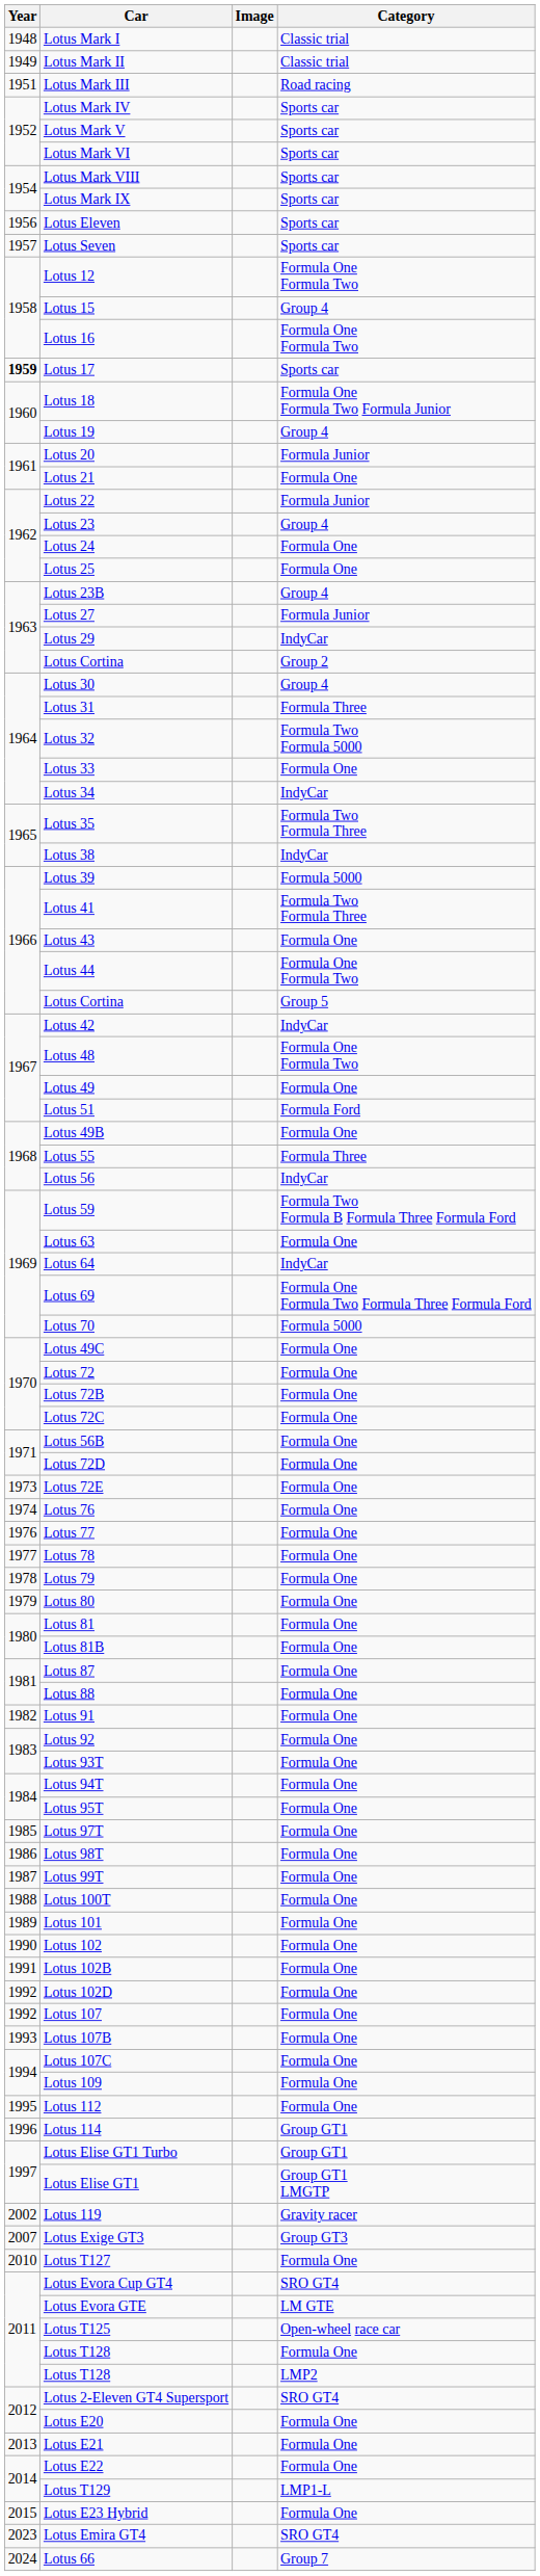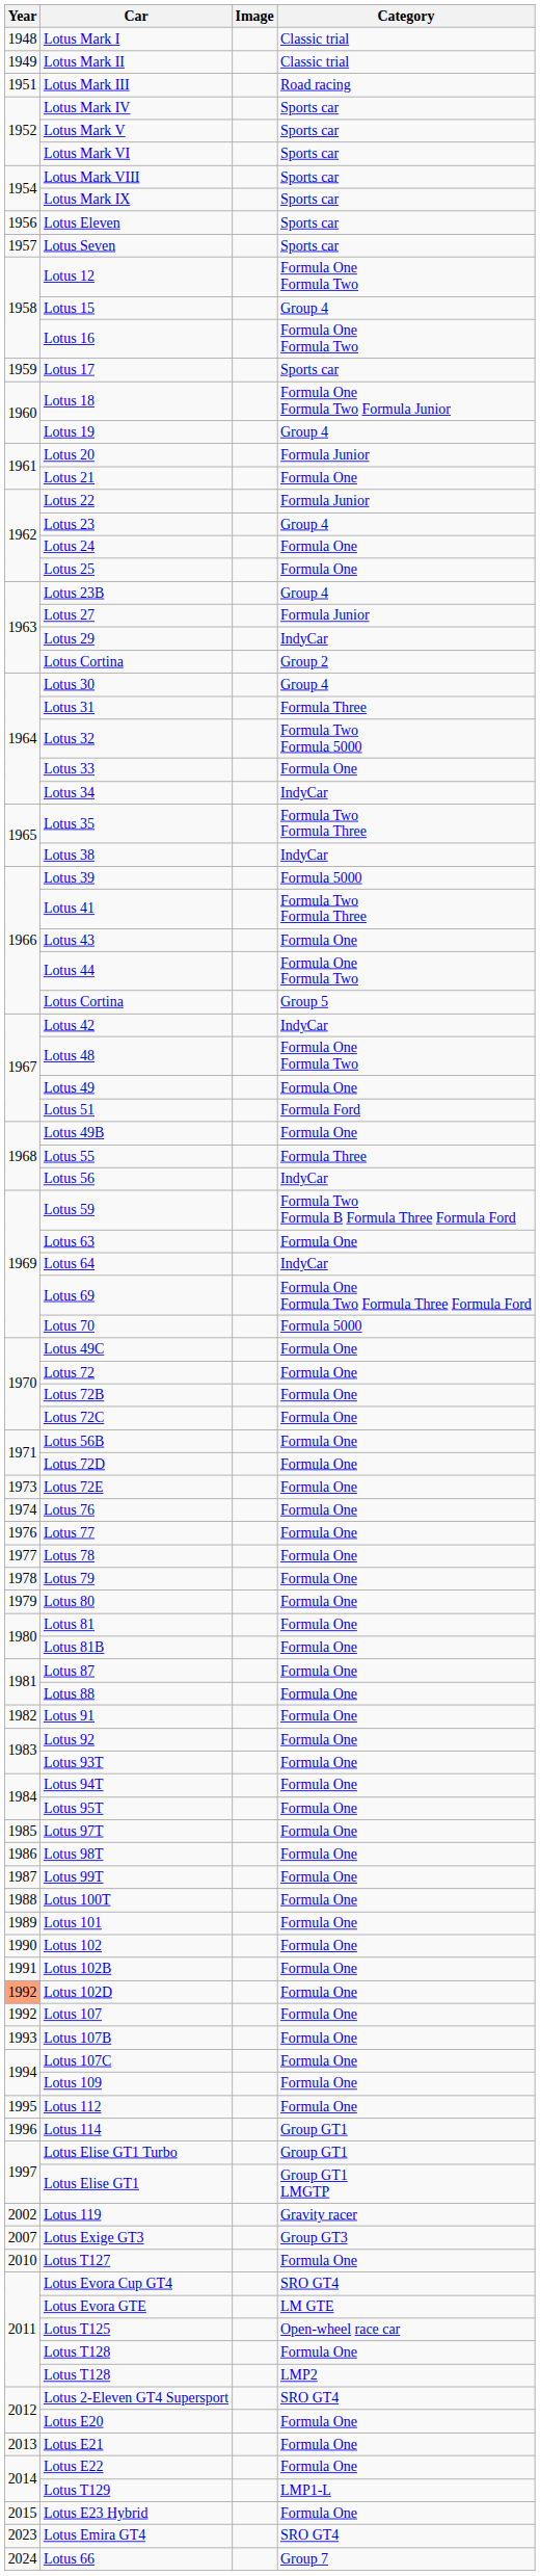 <table class="wikitable">
 <tr>
 <th>Year</th>
 <th>Car</th>
 <th>Image</th>
 <th>Category</th>
 </tr>
 <tr>
 <td>1948</td>
 <td><a href='#'>Lotus Mark I</a></td>
 <td></td>
 <td><a href='#'>Classic trial</a></td>
 </tr>
 <tr>
 <td>1949</td>
 <td><a href='#'>Lotus Mark II</a></td>
 <td></td>
 <td><a href='#'>Classic trial</a></td>
 </tr>
 <tr>
 <td>1951</td>
 <td><a href='#'>Lotus Mark III</a></td>
 <td></td>
 <td><a href='#'>Road racing</a></td>
 </tr>
 <tr>
 <td rowspan="3">1952</td>
 <td><a href='#'>Lotus Mark IV</a></td>
 <td></td>
 <td><a href='#'>Sports car</a></td>
 </tr>
 <tr>
 <td><a href='#'>Lotus Mark V</a></td>
 <td></td>
 <td><a href='#'>Sports car</a></td>
 </tr>
 <tr>
 <td><a href='#'>Lotus Mark VI</a></td>
 <td></td>
 <td><a href='#'>Sports car</a></td>
 </tr>
 <tr>
 <td rowspan="2">1954</td>
 <td><a href='#'>Lotus Mark VIII</a></td>
 <td></td>
 <td><a href='#'>Sports car</a></td>
 </tr>
 <tr>
 <td><a href='#'>Lotus Mark IX</a></td>
 <td></td>
 <td><a href='#'>Sports car</a></td>
 </tr>
 <tr>
 <td>1956</td>
 <td><a href='#'>Lotus Eleven</a></td>
 <td></td>
 <td><a href='#'>Sports car</a></td>
 </tr>
 <tr>
 <td>1957</td>
 <td><a href='#'>Lotus Seven</a></td>
 <td></td>
 <td><a href='#'>Sports car</a></td>
 </tr>
 <tr>
 <td rowspan="3">1958</td>
 <td><a href='#'>Lotus 12</a></td>
 <td></td>
 <td><a href='#'>Formula One</a><br><a href='#'>Formula Two</a></td>
 </tr>
 <tr>
 <td><a href='#'>Lotus 15</a></td>
 <td></td>
 <td><a href='#'>Group 4</a></td>
 </tr>
 <tr>
 <td><a href='#'>Lotus 16</a></td>
 <td></td>
 <td><a href='#'>Formula One</a><br><a href='#'>Formula Two</a></td>
 </tr>
 <tr>
-<td><strong>1959</strong></td>
+<td>1959</td>
 <td><a href='#'>Lotus 17</a></td>
 <td></td>
 <td><a href='#'>Sports car</a></td>
 </tr>
 <tr>
 <td rowspan="2">1960</td>
 <td><a href='#'>Lotus 18</a></td>
 <td></td>
 <td><a href='#'>Formula One</a><br><a href='#'>Formula Two</a> <a href='#'>Formula Junior</a></td>
 </tr>
 <tr>
 <td><a href='#'>Lotus 19</a></td>
 <td></td>
 <td><a href='#'>Group 4</a></td>
 </tr>
 <tr>
 <td rowspan="2">1961</td>
 <td><a href='#'>Lotus 20</a></td>
 <td></td>
 <td><a href='#'>Formula Junior</a></td>
 </tr>
 <tr>
 <td><a href='#'>Lotus 21</a></td>
 <td></td>
 <td><a href='#'>Formula One</a></td>
 </tr>
 <tr>
 <td rowspan="4">1962</td>
 <td><a href='#'>Lotus 22</a></td>
 <td></td>
 <td><a href='#'>Formula Junior</a></td>
 </tr>
 <tr>
 <td><a href='#'>Lotus 23</a></td>
 <td></td>
 <td><a href='#'>Group 4</a></td>
 </tr>
 <tr>
 <td><a href='#'>Lotus 24</a></td>
 <td></td>
 <td><a href='#'>Formula One</a></td>
 </tr>
 <tr>
 <td><a href='#'>Lotus 25</a></td>
 <td></td>
 <td><a href='#'>Formula One</a></td>
 </tr>
 <tr>
 <td rowspan="4">1963</td>
 <td><a href='#'>Lotus 23B</a></td>
 <td></td>
 <td><a href='#'>Group 4</a></td>
 </tr>
 <tr>
 <td><a href='#'>Lotus 27</a></td>
 <td></td>
 <td><a href='#'>Formula Junior</a></td>
 </tr>
 <tr>
 <td><a href='#'>Lotus 29</a></td>
 <td></td>
 <td><a href='#'>IndyCar</a></td>
 </tr>
 <tr>
 <td><a href='#'>Lotus Cortina</a></td>
 <td></td>
 <td><a href='#'>Group 2</a></td>
 </tr>
 <tr>
 <td rowspan="5">1964</td>
 <td><a href='#'>Lotus 30</a></td>
 <td></td>
 <td><a href='#'>Group 4</a></td>
 </tr>
 <tr>
 <td><a href='#'>Lotus 31</a></td>
 <td></td>
 <td><a href='#'>Formula Three</a></td>
 </tr>
 <tr>
 <td><a href='#'>Lotus 32</a></td>
 <td></td>
 <td><a href='#'>Formula Two</a><br><a href='#'>Formula 5000</a></td>
 </tr>
 <tr>
 <td><a href='#'>Lotus 33</a></td>
 <td></td>
 <td><a href='#'>Formula One</a></td>
 </tr>
 <tr>
 <td><a href='#'>Lotus 34</a></td>
 <td></td>
 <td><a href='#'>IndyCar</a></td>
 </tr>
 <tr>
 <td rowspan="2">1965</td>
 <td><a href='#'>Lotus 35</a></td>
 <td></td>
 <td><a href='#'>Formula Two</a><br><a href='#'>Formula Three</a></td>
 </tr>
 <tr>
 <td><a href='#'>Lotus 38</a></td>
 <td></td>
 <td><a href='#'>IndyCar</a></td>
 </tr>
 <tr>
 <td rowspan="5">1966</td>
 <td><a href='#'>Lotus 39</a></td>
 <td></td>
 <td><a href='#'>Formula 5000</a></td>
 </tr>
 <tr>
 <td><a href='#'>Lotus 41</a></td>
 <td></td>
 <td><a href='#'>Formula Two</a><br><a href='#'>Formula Three</a></td>
 </tr>
 <tr>
 <td><a href='#'>Lotus 43</a></td>
 <td></td>
 <td><a href='#'>Formula One</a></td>
 </tr>
 <tr>
 <td><a href='#'>Lotus 44</a></td>
 <td></td>
 <td><a href='#'>Formula One</a><br><a href='#'>Formula Two</a></td>
 </tr>
 <tr>
 <td><a href='#'>Lotus Cortina</a></td>
 <td></td>
 <td><a href='#'>Group 5</a></td>
 </tr>
 <tr>
 <td rowspan="4">1967</td>
 <td><a href='#'>Lotus 42</a></td>
 <td></td>
 <td><a href='#'>IndyCar</a></td>
 </tr>
 <tr>
 <td><a href='#'>Lotus 48</a></td>
 <td></td>
 <td><a href='#'>Formula One</a><br><a href='#'>Formula Two</a></td>
 </tr>
 <tr>
 <td><a href='#'>Lotus 49</a></td>
 <td></td>
 <td><a href='#'>Formula One</a></td>
 </tr>
 <tr>
 <td><a href='#'>Lotus 51</a></td>
 <td></td>
 <td><a href='#'>Formula Ford</a></td>
 </tr>
 <tr>
 <td rowspan="3">1968</td>
 <td><a href='#'>Lotus 49B</a></td>
 <td></td>
 <td><a href='#'>Formula One</a></td>
 </tr>
 <tr>
 <td><a href='#'>Lotus 55</a></td>
 <td></td>
 <td><a href='#'>Formula Three</a></td>
 </tr>
 <tr>
 <td><a href='#'>Lotus 56</a></td>
 <td></td>
 <td><a href='#'>IndyCar</a></td>
 </tr>
 <tr>
 <td rowspan="5">1969</td>
 <td><a href='#'>Lotus 59</a></td>
 <td></td>
 <td><a href='#'>Formula Two</a><br><a href='#'>Formula B</a> <a href='#'>Formula Three</a> <a href='#'>Formula Ford</a></td>
 </tr>
 <tr>
 <td><a href='#'>Lotus 63</a></td>
 <td></td>
 <td><a href='#'>Formula One</a></td>
 </tr>
 <tr>
 <td><a href='#'>Lotus 64</a></td>
 <td></td>
 <td><a href='#'>IndyCar</a></td>
 </tr>
 <tr>
 <td><a href='#'>Lotus 69</a></td>
 <td></td>
 <td><a href='#'>Formula One</a><br><a href='#'>Formula Two</a> <a href='#'>Formula Three</a> <a href='#'>Formula Ford</a></td>
 </tr>
 <tr>
 <td><a href='#'>Lotus 70</a></td>
 <td></td>
 <td><a href='#'>Formula 5000</a></td>
 </tr>
 <tr>
 <td rowspan="4">1970</td>
 <td><a href='#'>Lotus 49C</a></td>
 <td></td>
 <td><a href='#'>Formula One</a></td>
 </tr>
 <tr>
 <td><a href='#'>Lotus 72</a></td>
 <td></td>
 <td><a href='#'>Formula One</a></td>
 </tr>
 <tr>
 <td><a href='#'>Lotus 72B</a></td>
 <td></td>
 <td><a href='#'>Formula One</a></td>
 </tr>
 <tr>
 <td><a href='#'>Lotus 72C</a></td>
 <td></td>
 <td><a href='#'>Formula One</a></td>
 </tr>
 <tr>
 <td rowspan="2">1971</td>
 <td><a href='#'>Lotus 56B</a></td>
 <td></td>
 <td><a href='#'>Formula One</a></td>
 </tr>
 <tr>
 <td><a href='#'>Lotus 72D</a></td>
 <td></td>
 <td><a href='#'>Formula One</a></td>
 </tr>
 <tr>
 <td>1973</td>
 <td><a href='#'>Lotus 72E</a></td>
 <td></td>
 <td><a href='#'>Formula One</a></td>
 </tr>
 <tr>
 <td>1974</td>
 <td><a href='#'>Lotus 76</a></td>
 <td></td>
 <td><a href='#'>Formula One</a></td>
 </tr>
 <tr>
 <td>1976</td>
 <td><a href='#'>Lotus 77</a></td>
 <td></td>
 <td><a href='#'>Formula One</a></td>
 </tr>
 <tr>
 <td>1977</td>
 <td><a href='#'>Lotus 78</a></td>
 <td></td>
 <td><a href='#'>Formula One</a></td>
 </tr>
 <tr>
 <td>1978</td>
 <td><a href='#'>Lotus 79</a></td>
 <td></td>
 <td><a href='#'>Formula One</a></td>
 </tr>
 <tr>
 <td>1979</td>
 <td><a href='#'>Lotus 80</a></td>
 <td></td>
 <td><a href='#'>Formula One</a></td>
 </tr>
 <tr>
 <td rowspan="2">1980</td>
 <td><a href='#'>Lotus 81</a></td>
 <td></td>
 <td><a href='#'>Formula One</a></td>
 </tr>
 <tr>
 <td><a href='#'>Lotus 81B</a></td>
 <td></td>
 <td><a href='#'>Formula One</a></td>
 </tr>
 <tr>
 <td rowspan="2">1981</td>
 <td><a href='#'>Lotus 87</a></td>
 <td></td>
 <td><a href='#'>Formula One</a></td>
 </tr>
 <tr>
 <td><a href='#'>Lotus 88</a></td>
 <td></td>
 <td><a href='#'>Formula One</a></td>
 </tr>
 <tr>
 <td>1982</td>
 <td><a href='#'>Lotus 91</a></td>
 <td></td>
 <td><a href='#'>Formula One</a></td>
 </tr>
 <tr>
 <td rowspan="2">1983</td>
 <td><a href='#'>Lotus 92</a></td>
 <td></td>
 <td><a href='#'>Formula One</a></td>
 </tr>
 <tr>
 <td><a href='#'>Lotus 93T</a></td>
 <td></td>
 <td><a href='#'>Formula One</a></td>
 </tr>
 <tr>
 <td rowspan="2">1984</td>
 <td><a href='#'>Lotus 94T</a></td>
 <td></td>
 <td><a href='#'>Formula One</a></td>
 </tr>
 <tr>
 <td><a href='#'>Lotus 95T</a></td>
 <td></td>
 <td><a href='#'>Formula One</a></td>
 </tr>
 <tr>
 <td>1985</td>
 <td><a href='#'>Lotus 97T</a></td>
 <td></td>
 <td><a href='#'>Formula One</a></td>
 </tr>
 <tr>
 <td>1986</td>
 <td><a href='#'>Lotus 98T</a></td>
 <td></td>
 <td><a href='#'>Formula One</a></td>
 </tr>
 <tr>
 <td>1987</td>
 <td><a href='#'>Lotus 99T</a></td>
 <td></td>
 <td><a href='#'>Formula One</a></td>
 </tr>
 <tr>
 <td>1988</td>
 <td><a href='#'>Lotus 100T</a></td>
 <td></td>
 <td><a href='#'>Formula One</a></td>
 </tr>
 <tr>
 <td>1989</td>
 <td><a href='#'>Lotus 101</a></td>
 <td></td>
 <td><a href='#'>Formula One</a></td>
 </tr>
 <tr>
 <td>1990</td>
 <td><a href='#'>Lotus 102</a></td>
 <td></td>
 <td><a href='#'>Formula One</a></td>
 </tr>
 <tr>
 <td>1991</td>
 <td><a href='#'>Lotus 102B</a></td>
 <td></td>
 <td><a href='#'>Formula One</a></td>
 </tr>
 <tr>
-<td>1992</td>
+<td style="background: lightsalmon;">1992</td>
 <td><a href='#'>Lotus 102D</a></td>
 <td></td>
 <td><a href='#'>Formula One</a></td>
 </tr>
 <tr>
 <td>1992</td>
 <td><a href='#'>Lotus 107</a></td>
 <td></td>
 <td><a href='#'>Formula One</a></td>
 </tr>
 <tr>
 <td>1993</td>
 <td><a href='#'>Lotus 107B</a></td>
 <td></td>
 <td><a href='#'>Formula One</a></td>
 </tr>
 <tr>
 <td rowspan="2">1994</td>
 <td><a href='#'>Lotus 107C</a></td>
 <td></td>
 <td><a href='#'>Formula One</a></td>
 </tr>
 <tr>
 <td><a href='#'>Lotus 109</a></td>
 <td></td>
 <td><a href='#'>Formula One</a></td>
 </tr>
 <tr>
 <td>1995</td>
 <td><a href='#'>Lotus 112</a></td>
 <td></td>
 <td><a href='#'>Formula One</a></td>
 </tr>
 <tr>
 <td>1996</td>
 <td><a href='#'>Lotus 114</a></td>
 <td></td>
 <td><a href='#'>Group GT1</a></td>
 </tr>
 <tr>
 <td rowspan="2">1997</td>
 <td><a href='#'>Lotus Elise GT1 Turbo</a></td>
 <td></td>
 <td><a href='#'>Group GT1</a></td>
 </tr>
 <tr>
 <td><a href='#'>Lotus Elise GT1</a></td>
 <td></td>
 <td><a href='#'>Group GT1</a><br><a href='#'>LMGTP</a></td>
 </tr>
 <tr>
 <td>2002</td>
 <td><a href='#'>Lotus 119</a></td>
 <td></td>
 <td><a href='#'>Gravity racer</a></td>
 </tr>
 <tr>
 <td>2007</td>
 <td><a href='#'>Lotus Exige GT3</a></td>
 <td></td>
 <td><a href='#'>Group GT3</a></td>
 </tr>
 <tr>
 <td>2010</td>
 <td><a href='#'>Lotus T127</a></td>
 <td></td>
 <td><a href='#'>Formula One</a></td>
 </tr>
 <tr>
 <td rowspan="5">2011</td>
 <td><a href='#'>Lotus Evora Cup GT4</a></td>
 <td></td>
 <td><a href='#'>SRO GT4</a></td>
 </tr>
 <tr>
 <td><a href='#'>Lotus Evora GTE</a></td>
 <td></td>
 <td><a href='#'>LM GTE</a></td>
 </tr>
 <tr>
 <td><a href='#'>Lotus T125</a></td>
 <td></td>
 <td><a href='#'>Open-wheel</a> <a href='#'>race car</a></td>
 </tr>
 <tr>
 <td><a href='#'>Lotus T128</a></td>
 <td></td>
 <td><a href='#'>Formula One</a></td>
 </tr>
 <tr>
 <td><a href='#'>Lotus T128</a></td>
 <td></td>
 <td><a href='#'>LMP2</a></td>
 </tr>
 <tr>
 <td rowspan="2">2012</td>
 <td><a href='#'>Lotus 2-Eleven GT4 Supersport</a></td>
 <td></td>
 <td><a href='#'>SRO GT4</a></td>
 </tr>
 <tr>
 <td><a href='#'>Lotus E20</a></td>
 <td></td>
 <td><a href='#'>Formula One</a></td>
 </tr>
 <tr>
 <td>2013</td>
 <td><a href='#'>Lotus E21</a></td>
 <td></td>
 <td><a href='#'>Formula One</a></td>
 </tr>
 <tr>
 <td rowspan="2">2014</td>
 <td><a href='#'>Lotus E22</a></td>
 <td></td>
 <td><a href='#'>Formula One</a></td>
 </tr>
 <tr>
 <td><a href='#'>Lotus T129</a></td>
 <td></td>
 <td><a href='#'>LMP1-L</a></td>
 </tr>
 <tr>
 <td>2015</td>
 <td><a href='#'>Lotus E23 Hybrid</a></td>
 <td></td>
 <td><a href='#'>Formula One</a></td>
 </tr>
 <tr>
 <td>2023</td>
 <td><a href='#'>Lotus Emira GT4</a></td>
 <td></td>
 <td><a href='#'>SRO GT4</a></td>
 </tr>
 <tr>
 <td>2024</td>
 <td><a href='#'>Lotus 66</a></td>
 <td></td>
 <td><a href='#'>Group 7</a></td>
 </tr>
 </table>
